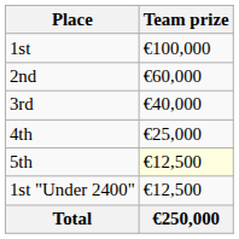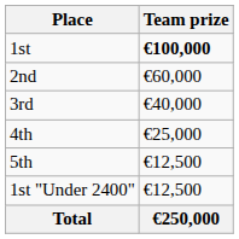 <table class="wikitable">
 <tr>
 <th scope="col">Place</th>
 <th scope="col">Team prize</th>
 </tr>
 <tr>
 <td>1st</td>
-<td>€100,000</td>
+<td><strong>€100,000</strong></td>
 </tr>
 <tr>
 <td>2nd</td>
 <td>€60,000</td>
 </tr>
 <tr>
 <td>3rd</td>
 <td>€40,000</td>
 </tr>
 <tr>
 <td>4th</td>
 <td>€25,000</td>
 </tr>
 <tr>
 <td>5th</td>
-<td style="background: lightyellow;">€12,500</td>
+<td>€12,500</td>
 </tr>
 <tr>
 <td>1st "Under 2400"</td>
 <td>€12,500</td>
 </tr>
 <tr>
 <th>Total</th>
 <th>€250,000</th>
 </tr>
 </table>
